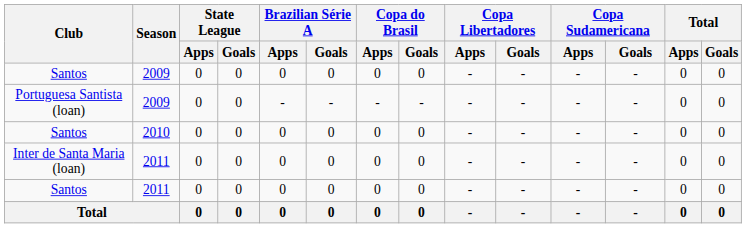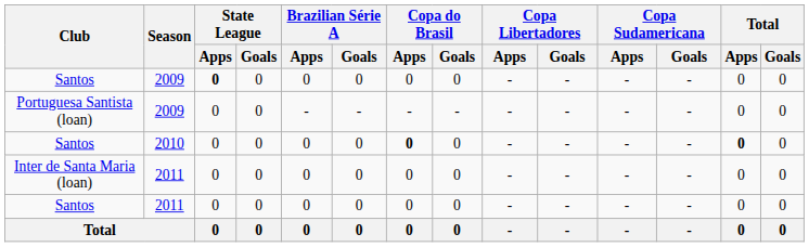 <table class="wikitable" style="text-align: center;">
 <tr>
 <th rowspan="2">Club</th>
 <th rowspan="2">Season</th>
 <th colspan="2">State League</th>
 <th colspan="2"><a href='#'>Brazilian Série A</a></th>
 <th colspan="2"><a href='#'>Copa do Brasil</a></th>
 <th colspan="2"><a href='#'>Copa Libertadores</a></th>
 <th colspan="2"><a href='#'>Copa Sudamericana</a></th>
 <th colspan="2">Total</th>
 </tr>
 <tr>
 <th>Apps</th>
 <th>Goals</th>
 <th>Apps</th>
 <th>Goals</th>
 <th>Apps</th>
 <th>Goals</th>
 <th>Apps</th>
 <th>Goals</th>
 <th>Apps</th>
 <th>Goals</th>
 <th>Apps</th>
 <th>Goals</th>
 </tr>
 <tr>
 <td rowspan="1" valign="center"><a href='#'>Santos</a></td>
 <td><a href='#'>2009</a></td>
-<td>0</td>
+<td><strong>0</strong></td>
 <td>0</td>
 <td>0</td>
 <td>0</td>
 <td>0</td>
 <td>0</td>
 <td>-</td>
 <td>-</td>
 <td>-</td>
 <td>-</td>
 <td>0</td>
 <td>0</td>
 </tr>
 <tr>
 <td rowspan="1" valign="center"><a href='#'>Portuguesa Santista</a> (loan)</td>
 <td><a href='#'>2009</a></td>
 <td>0</td>
 <td>0</td>
 <td>-</td>
 <td>-</td>
 <td>-</td>
 <td>-</td>
 <td>-</td>
 <td>-</td>
 <td>-</td>
 <td>-</td>
 <td>0</td>
 <td>0</td>
 </tr>
 <tr>
 <td rowspan="1" valign="center"><a href='#'>Santos</a></td>
 <td><a href='#'>2010</a></td>
 <td>0</td>
 <td>0</td>
 <td>0</td>
 <td>0</td>
-<td>0</td>
+<td><strong>0</strong></td>
 <td>0</td>
 <td>-</td>
 <td>-</td>
 <td>-</td>
 <td>-</td>
-<td>0</td>
+<td><strong>0</strong></td>
 <td>0</td>
 </tr>
 <tr>
 <td rowspan="1" valign="center"><a href='#'>Inter de Santa Maria</a> (loan)</td>
 <td><a href='#'>2011</a></td>
 <td>0</td>
 <td>0</td>
 <td>0</td>
 <td>0</td>
 <td>0</td>
 <td>0</td>
 <td>-</td>
 <td>-</td>
 <td>-</td>
 <td>-</td>
 <td>0</td>
 <td>0</td>
 </tr>
 <tr>
 <td rowspan="1" valign="center"><a href='#'>Santos</a></td>
 <td><a href='#'>2011</a></td>
 <td>0</td>
 <td>0</td>
 <td>0</td>
 <td>0</td>
 <td>0</td>
 <td>0</td>
 <td>-</td>
 <td>-</td>
 <td>-</td>
 <td>-</td>
 <td>0</td>
 <td>0</td>
 </tr>
 <tr>
 <th colspan="2"><strong>Total</strong></th>
 <th>0</th>
 <th>0</th>
 <th>0</th>
 <th>0</th>
 <th>0</th>
 <th>0</th>
 <th>-</th>
 <th>-</th>
 <th>-</th>
 <th>-</th>
 <th>0</th>
 <th>0</th>
 </tr>
 </table>
